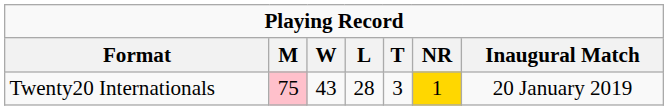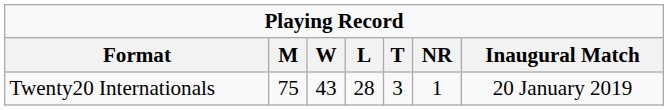 <table class="wikitable" style="text-align: center; width: 500px;">
 <tr>
 <td colspan=7 align="center"><strong>Playing Record</strong></td>
 </tr>
 <tr>
 <th>Format</th>
 <th>M</th>
 <th>W</th>
 <th>L</th>
 <th>T</th>
 <th>NR</th>
 <th>Inaugural Match</th>
 </tr>
 <tr>
 <td align="left">Twenty20 Internationals</td>
-<td style="background: pink;">75</td>
+<td>75</td>
 <td>43</td>
 <td>28</td>
 <td>3</td>
-<td style="background: gold;">1</td>
+<td>1</td>
 <td>20 January 2019</td>
 </tr>
 </table>
